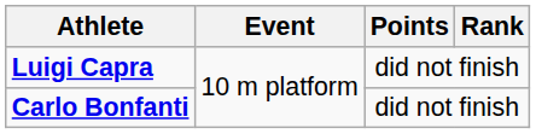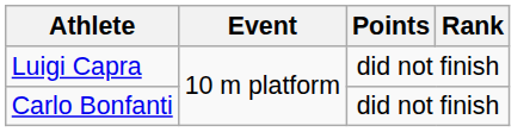 <table class=wikitable style="font-size:90%">
 <tr>
 <th>Athlete</th>
 <th>Event</th>
 <th>Points</th>
 <th>Rank</th>
 </tr>
 <tr>
-<td><strong><a href='#'>Luigi Capra</a></strong></td>
+<td><a href='#'>Luigi Capra</a></td>
 <td rowspan=2>10 m platform</td>
 <td align="center" colspan=2>did not finish</td>
 </tr>
 <tr>
-<td><strong><a href='#'>Carlo Bonfanti</a></strong></td>
+<td><a href='#'>Carlo Bonfanti</a></td>
 <td align="center" colspan=2>did not finish</td>
 </tr>
 </table>
